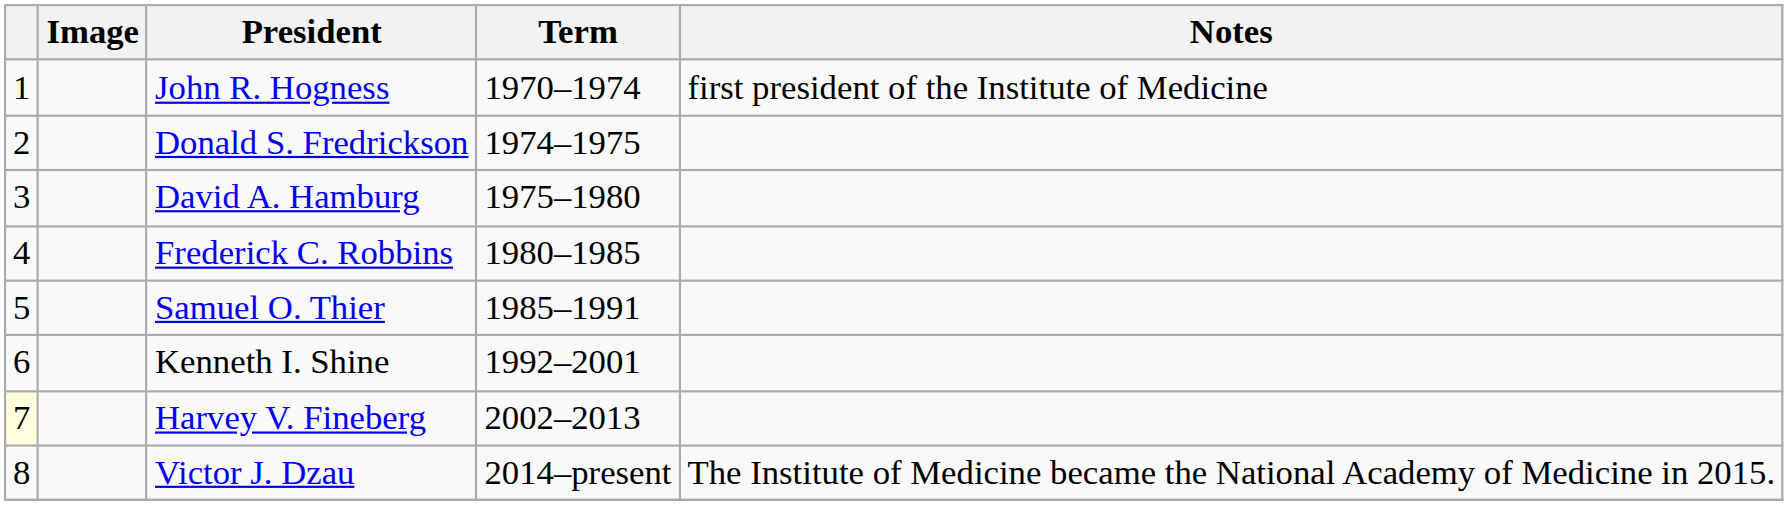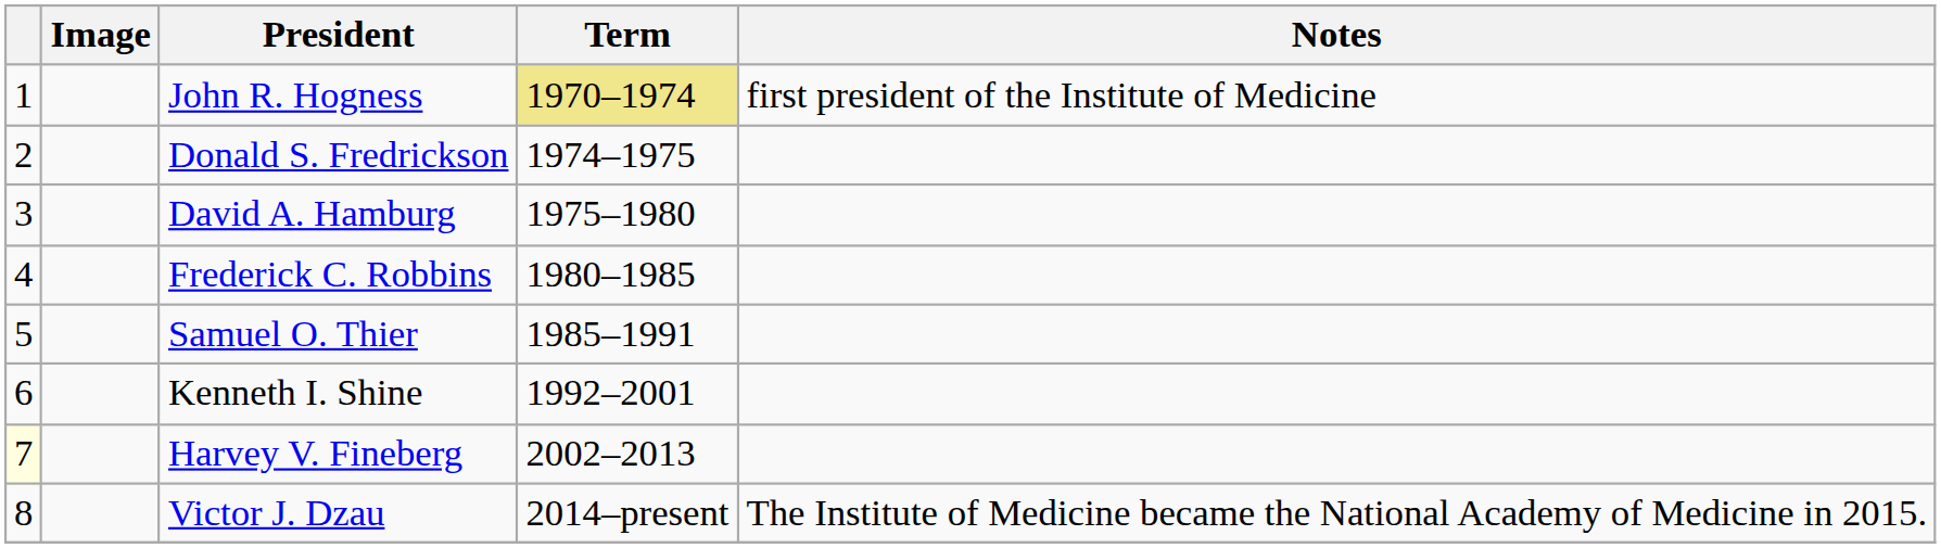 <table class=wikitable style="text-align:left">
 <tr>
 <th></th>
 <th>Image</th>
 <th>President</th>
 <th>Term</th>
 <th>Notes</th>
 </tr>
 <tr>
 <td>1</td>
 <td></td>
 <td><a href='#'>John R. Hogness</a></td>
-<td>1970–1974</td>
+<td style="background: khaki;">1970–1974</td>
 <td>first president of the Institute of Medicine</td>
 </tr>
 <tr>
 <td>2</td>
 <td></td>
 <td><a href='#'>Donald S. Fredrickson</a></td>
 <td>1974–1975</td>
 <td></td>
 </tr>
 <tr>
 <td>3</td>
 <td></td>
 <td><a href='#'>David A. Hamburg</a></td>
 <td>1975–1980</td>
 <td></td>
 </tr>
 <tr>
 <td>4</td>
 <td></td>
 <td><a href='#'>Frederick C. Robbins</a></td>
 <td>1980–1985</td>
 <td></td>
 </tr>
 <tr>
 <td>5</td>
 <td></td>
 <td><a href='#'>Samuel O. Thier</a></td>
 <td>1985–1991</td>
 <td></td>
 </tr>
 <tr>
 <td>6</td>
 <td></td>
 <td>Kenneth I. Shine</td>
 <td>1992–2001</td>
 <td></td>
 </tr>
 <tr>
 <td style="background: lightyellow;">7</td>
 <td></td>
 <td><a href='#'>Harvey V. Fineberg</a></td>
 <td>2002–2013</td>
 <td></td>
 </tr>
 <tr>
 <td>8</td>
 <td></td>
 <td><a href='#'>Victor J. Dzau</a></td>
 <td>2014–present</td>
 <td>The Institute of Medicine became the National Academy of Medicine in 2015.</td>
 </tr>
 <tr>
 </tr>
 </table>
